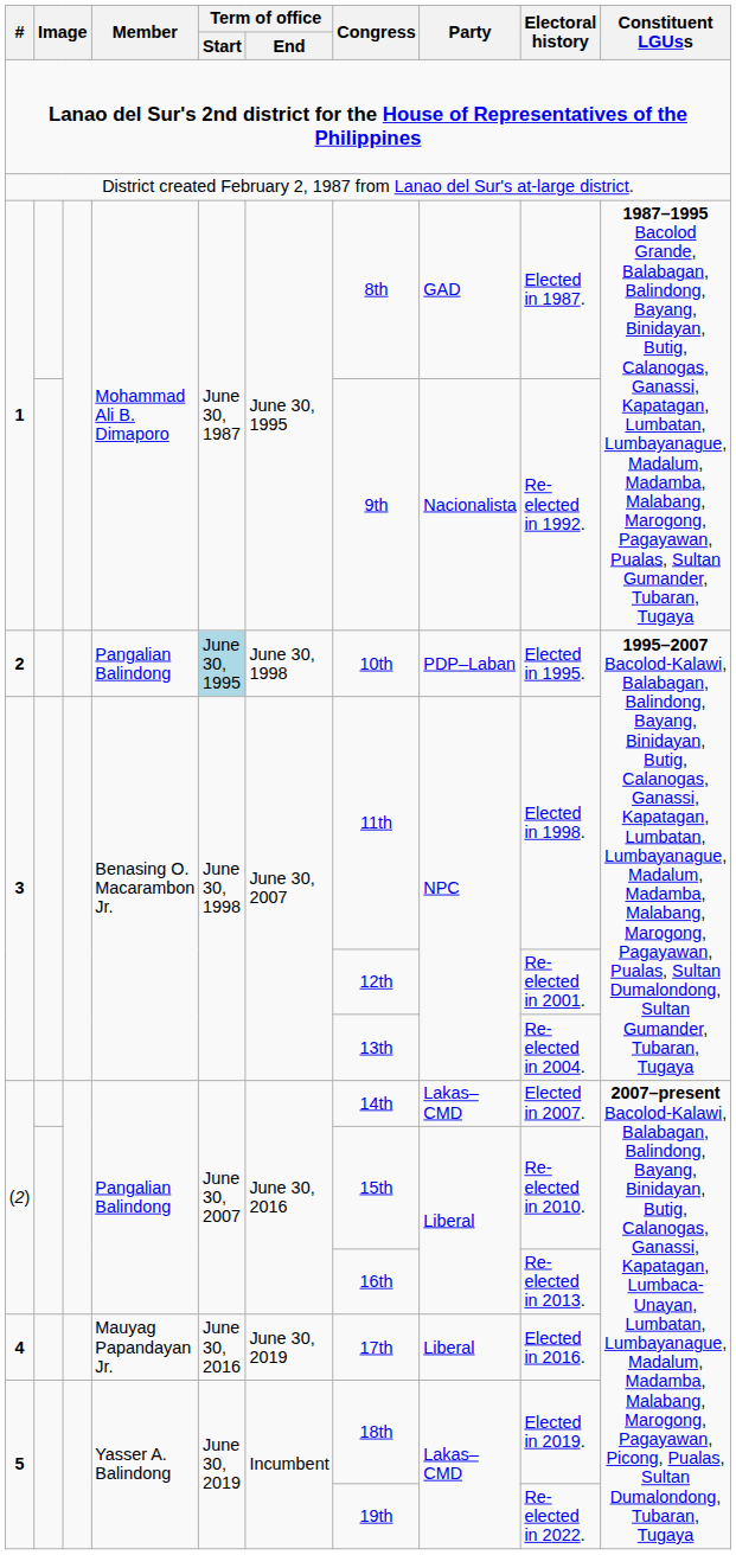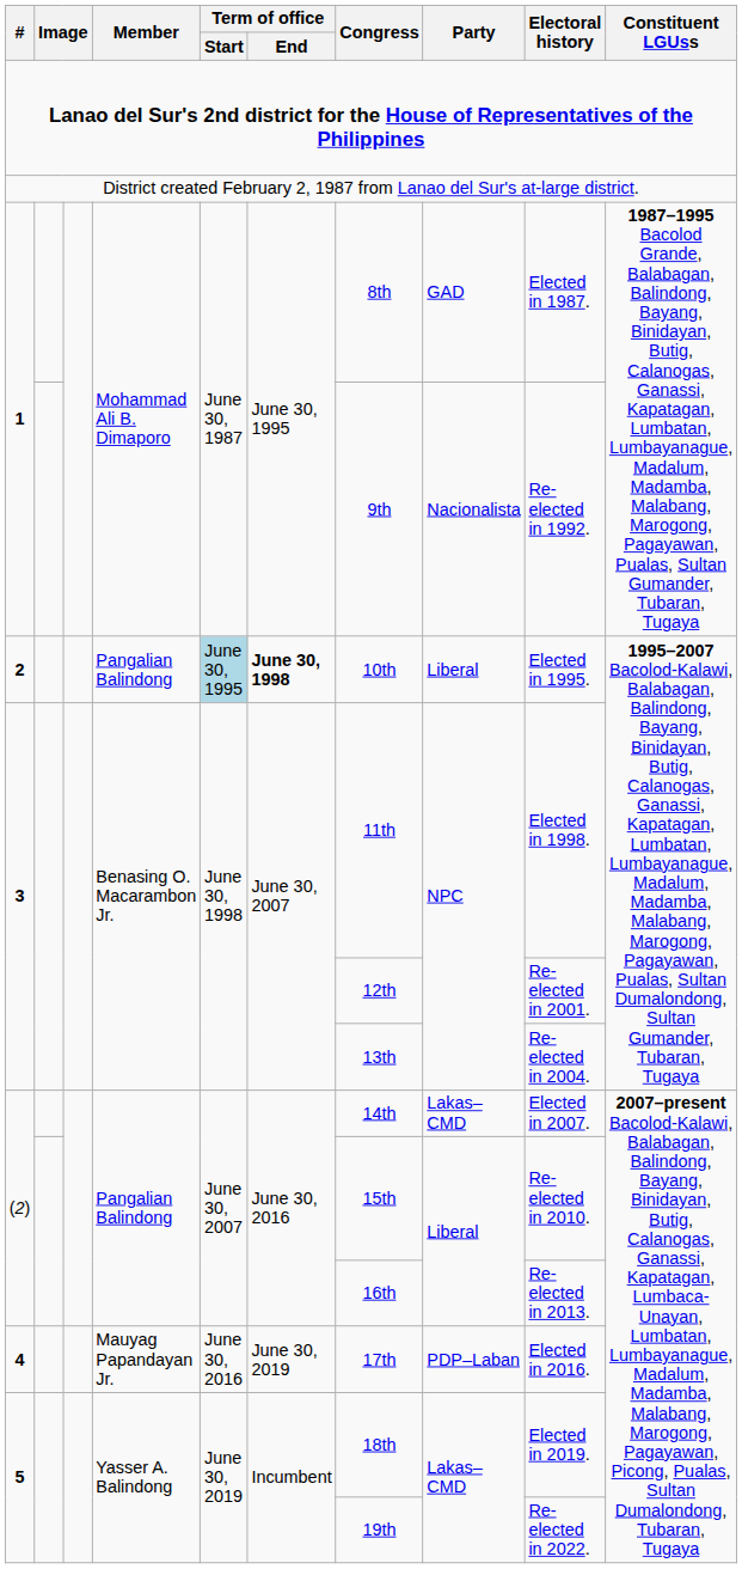 <table class=wikitable>
 <tr>
 <th rowspan="2">#</th>
 <th rowspan="2" colspan=2>Image</th>
 <th rowspan="2">Member</th>
 <th colspan=2>Term of office</th>
 <th rowspan="2">Congress</th>
 <th rowspan="2">Party</th>
 <th rowspan="2">Electoral history</th>
 <th rowspan="2">Constituent<br><a href='#'>LGUs</a>s</th>
 </tr>
 <tr>
 <th>Start</th>
 <th>End</th>
 </tr>
 <tr>
 <td colspan="10" style="text-align:center;"><br><h3>Lanao del Sur's 2nd district for the <a href='#'>House of Representatives of the Philippines</a></h3></td>
 </tr>
 <tr>
 <td colspan="10" style="text-align:center;">District created February 2, 1987 from <a href='#'>Lanao del Sur's at-large district</a>.</td>
 </tr>
 <tr>
 <td rowspan="2" style="text-align:center;"><strong>1</strong></td>
 <td style="color:inherit;background:"></td>
 <td rowspan="2"></td>
 <td rowspan="2"><a href='#'>Mohammad Ali B. Dimaporo</a></td>
 <td rowspan="2">June 30, 1987</td>
 <td rowspan="2">June 30, 1995</td>
 <td style="text-align:center;"><a href='#'>8th</a></td>
 <td><a href='#'>GAD</a></td>
 <td><a href='#'>Elected in 1987</a>.</td>
 <td rowspan="2" style="text-align:center;"><strong>1987–1995</strong><br><a href='#'>Bacolod Grande</a>, <a href='#'>Balabagan</a>, <a href='#'>Balindong</a>, <a href='#'>Bayang</a>, <a href='#'>Binidayan</a>, <a href='#'>Butig</a>, <a href='#'>Calanogas</a>, <a href='#'>Ganassi</a>, <a href='#'>Kapatagan</a>, <a href='#'>Lumbatan</a>, <a href='#'>Lumbayanague</a>, <a href='#'>Madalum</a>, <a href='#'>Madamba</a>, <a href='#'>Malabang</a>, <a href='#'>Marogong</a>, <a href='#'>Pagayawan</a>, <a href='#'>Pualas</a>, <a href='#'>Sultan Gumander</a>, <a href='#'>Tubaran</a>, <a href='#'>Tugaya</a></td>
 </tr>
 <tr>
 <td style="color:inherit;background:"></td>
 <td style="text-align:center;"><a href='#'>9th</a></td>
 <td><a href='#'>Nacionalista</a></td>
 <td><a href='#'>Re-elected in 1992</a>.</td>
 </tr>
 <tr>
 <td style="text-align:center;"><strong>2</strong></td>
 <td style="color:inherit;background:"></td>
 <td></td>
 <td><a href='#'>Pangalian Balindong</a></td>
 <td style="background: lightblue;">June 30, 1995</td>
-<td>June 30, 1998</td>
+<td><strong>June 30, 1998</strong></td>
 <td style="text-align:center;"><a href='#'>10th</a></td>
-<td><a href='#'>PDP–Laban</a></td>
+<td><a href='#'>Liberal</a></td>
 <td><a href='#'>Elected in 1995</a>.</td>
 <td rowspan="4" style="text-align:center;"><strong>1995–2007</strong><br><a href='#'>Bacolod-Kalawi</a>, <a href='#'>Balabagan</a>, <a href='#'>Balindong</a>, <a href='#'>Bayang</a>, <a href='#'>Binidayan</a>, <a href='#'>Butig</a>, <a href='#'>Calanogas</a>, <a href='#'>Ganassi</a>, <a href='#'>Kapatagan</a>, <a href='#'>Lumbatan</a>, <a href='#'>Lumbayanague</a>, <a href='#'>Madalum</a>, <a href='#'>Madamba</a>, <a href='#'>Malabang</a>, <a href='#'>Marogong</a>, <a href='#'>Pagayawan</a>, <a href='#'>Pualas</a>, <a href='#'>Sultan Dumalondong</a>, <a href='#'>Sultan Gumander</a>, <a href='#'>Tubaran</a>, <a href='#'>Tugaya</a></td>
 </tr>
 <tr>
 <td rowspan="3" style="text-align:center;"><strong>3</strong></td>
 <td rowspan="3" style="color:inherit;background:"></td>
 <td rowspan="3"></td>
 <td rowspan="3">Benasing O. Macarambon Jr.</td>
 <td rowspan="3">June 30, 1998</td>
 <td rowspan="3">June 30, 2007</td>
 <td style="text-align:center;"><a href='#'>11th</a></td>
 <td rowspan="3"><a href='#'>NPC</a></td>
 <td><a href='#'>Elected in 1998</a>.</td>
 </tr>
 <tr>
 <td style="text-align:center;"><a href='#'>12th</a></td>
 <td><a href='#'>Re-elected in 2001</a>.</td>
 </tr>
 <tr>
 <td style="text-align:center;"><a href='#'>13th</a></td>
 <td><a href='#'>Re-elected in 2004</a>.</td>
 </tr>
 <tr>
 <td rowspan="3" style="text-align:center;">(<em>2</em>)</td>
 <td style="color:inherit;background:"></td>
 <td rowspan="3"></td>
 <td rowspan="3"><a href='#'>Pangalian Balindong</a></td>
 <td rowspan="3">June 30, 2007</td>
 <td rowspan="3">June 30, 2016</td>
 <td style="text-align:center;"><a href='#'>14th</a></td>
 <td><a href='#'>Lakas–CMD</a></td>
 <td><a href='#'>Elected in 2007</a>.</td>
 <td rowspan=99 style="text-align:center;"><strong>2007–present</strong><br><a href='#'>Bacolod-Kalawi</a>, <a href='#'>Balabagan</a>, <a href='#'>Balindong</a>, <a href='#'>Bayang</a>, <a href='#'>Binidayan</a>, <a href='#'>Butig</a>, <a href='#'>Calanogas</a>, <a href='#'>Ganassi</a>, <a href='#'>Kapatagan</a>, <a href='#'>Lumbaca-Unayan</a>, <a href='#'>Lumbatan</a>, <a href='#'>Lumbayanague</a>, <a href='#'>Madalum</a>, <a href='#'>Madamba</a>, <a href='#'>Malabang</a>, <a href='#'>Marogong</a>, <a href='#'>Pagayawan</a>, <a href='#'>Picong</a>, <a href='#'>Pualas</a>, <a href='#'>Sultan Dumalondong</a>, <a href='#'>Tubaran</a>, <a href='#'>Tugaya</a></td>
 </tr>
 <tr>
 <td rowspan="2" style="color:inherit;background:"></td>
 <td style="text-align:center;"><a href='#'>15th</a></td>
 <td rowspan="2"><a href='#'>Liberal</a></td>
 <td><a href='#'>Re-elected in 2010</a>.</td>
 </tr>
 <tr>
 <td style="text-align:center;"><a href='#'>16th</a></td>
 <td><a href='#'>Re-elected in 2013</a>.</td>
 </tr>
 <tr>
 <td style="text-align:center;"><strong>4</strong></td>
 <td style="color:inherit;background:"></td>
 <td></td>
 <td>Mauyag Papandayan Jr.</td>
 <td>June 30, 2016</td>
 <td>June 30, 2019</td>
 <td style="text-align:center;"><a href='#'>17th</a></td>
-<td><a href='#'>Liberal</a></td>
+<td><a href='#'>PDP–Laban</a></td>
 <td><a href='#'>Elected in 2016</a>.</td>
 </tr>
 <tr>
 <td rowspan="2" style="text-align:center;"><strong>5</strong></td>
 <td rowspan="2" style="color:inherit;background:"></td>
 <td rowspan="2"></td>
 <td rowspan="2">Yasser A. Balindong</td>
 <td rowspan="2">June 30, 2019</td>
 <td rowspan="2">Incumbent</td>
 <td style="text-align:center;"><a href='#'>18th</a></td>
 <td rowspan="2"><a href='#'>Lakas–CMD</a></td>
 <td><a href='#'>Elected in 2019</a>.</td>
 </tr>
 <tr>
 <td style="text-align:center;"><a href='#'>19th</a></td>
 <td><a href='#'>Re-elected in 2022</a>.</td>
 </tr>
 </table>
